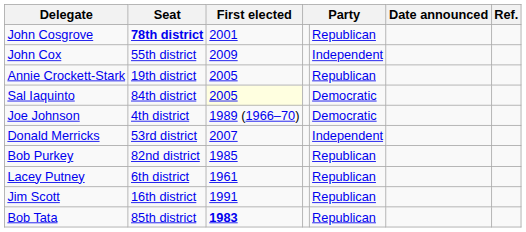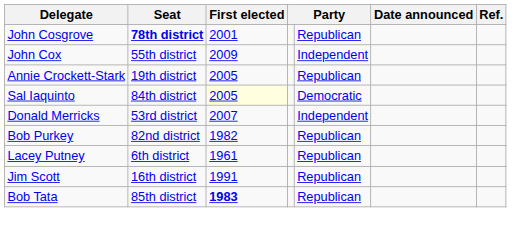 <table class="wikitable sortable" style="font-size:95%;">
 <tr>
 <th scope="col">Delegate</th>
 <th scope="col">Seat</th>
 <th scope="col">First elected</th>
 <th colspan="2" scope="col">Party</th>
 <th scope="col">Date announced</th>
 <th class="unsortable">Ref.</th>
 </tr>
 <tr>
 <td data-sort-value="Cosgrove, John"><a href='#'>John Cosgrove</a></td>
 <td data-sort-value="78"><strong><a href='#'>78th district</a></strong></td>
 <td><a href='#'>2001</a></td>
 <td width="1"></td>
 <td><a href='#'>Republican</a></td>
 <td></td>
 <td></td>
 </tr>
 <tr>
 <td data-sort-value="Cox, John"><a href='#'>John Cox</a></td>
 <td data-sort-value="55"><a href='#'>55th district</a></td>
 <td><a href='#'>2009</a></td>
 <td width="1"></td>
 <td><a href='#'>Independent</a></td>
 <td></td>
 <td></td>
 </tr>
 <tr>
 <td data-sort-value="Crockett-Stark, Annie"><a href='#'>Annie Crockett-Stark</a></td>
 <td data-sort-value="19"><a href='#'>19th district</a></td>
 <td><a href='#'>2005</a></td>
 <td width="1"></td>
 <td><a href='#'>Republican</a></td>
 <td></td>
 <td></td>
 </tr>
 <tr>
 <td data-sort-value="Iaquinto, Sal"><a href='#'>Sal Iaquinto</a></td>
 <td data-sort-value="84"><a href='#'>84th district</a></td>
 <td style="background: lightyellow;"><a href='#'>2005</a></td>
 <td width="1"></td>
 <td><a href='#'>Democratic</a></td>
 <td></td>
 <td></td>
 </tr>
 <tr>
-<td data-sort-value="Johnson, Joe"><a href='#'>Joe Johnson</a></td>
-<td data-sort-value="4"><a href='#'>4th district</a></td>
-<td><a href='#'>1989</a> (<a href='#'>1966–70</a>)</td>
-<td width="1"></td>
-<td><a href='#'>Democratic</a></td>
-<td></td>
-<td></td>
-</tr>
-<tr>
 <td data-sort-value="Merricks, Donald"><a href='#'>Donald Merricks</a></td>
 <td data-sort-value="53"><a href='#'>53rd district</a></td>
 <td><a href='#'>2007</a></td>
 <td width="1"></td>
 <td><a href='#'>Independent</a></td>
 <td></td>
 <td></td>
 </tr>
 <tr>
 <td data-sort-value="Purkey, Bob"><a href='#'>Bob Purkey</a></td>
 <td data-sort-value="82"><a href='#'>82nd district</a></td>
-<td><a href='#'>1985</a></td>
+<td><a href='#'>1982</a></td>
 <td width="1"></td>
 <td><a href='#'>Republican</a></td>
 <td></td>
 <td></td>
 </tr>
 <tr>
 <td data-sort-value="Putney, Lacey"><a href='#'>Lacey Putney</a></td>
 <td data-sort-value="6"><a href='#'>6th district</a></td>
 <td><a href='#'>1961</a></td>
 <td width="1"></td>
 <td><a href='#'>Republican</a></td>
 <td></td>
 <td></td>
 </tr>
 <tr>
 <td data-sort-value="Scott, Jim"><a href='#'>Jim Scott</a></td>
 <td data-sort-value="16"><a href='#'>16th district</a></td>
 <td><a href='#'>1991</a></td>
 <td width="1"></td>
 <td><a href='#'>Republican</a></td>
 <td></td>
 <td></td>
 </tr>
 <tr>
 <td data-sort-value="Tata, Bob"><a href='#'>Bob Tata</a></td>
 <td data-sort-value="85"><a href='#'>85th district</a></td>
 <td><strong><a href='#'>1983</a></strong></td>
 <td width="1"></td>
 <td><a href='#'>Republican</a></td>
 <td></td>
 <td></td>
 </tr>
 </table>
